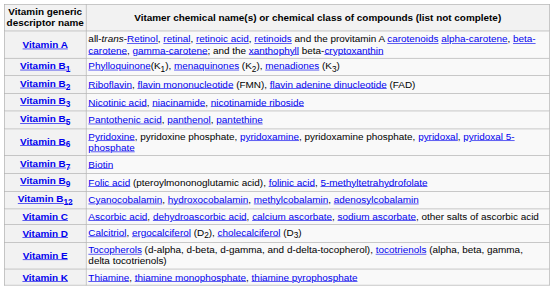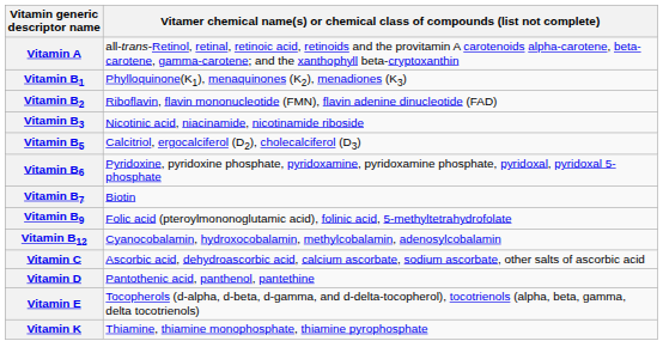 <table class="wikitable sortable" style="margin: 1em auto 1em auto">
 <tr>
 <th style="width:15%;">Vitamin generic<br> descriptor name</th>
 <th style="width:700px;">Vitamer chemical name(s) or chemical class of compounds (list not complete)</th>
 </tr>
 <tr>
 <th><a href='#'>Vitamin A</a></th>
 <td>all-<em>trans</em>-<a href='#'>Retinol</a>, <a href='#'>retinal</a>, <a href='#'>retinoic acid</a>, <a href='#'>retinoids</a> and the provitamin A <a href='#'>carotenoids</a> <a href='#'>alpha-carotene</a>, <a href='#'>beta-carotene</a>, <a href='#'>gamma-carotene</a>; and the <a href='#'>xanthophyll</a> beta-<a href='#'>cryptoxanthin</a></td>
 </tr>
 <tr>
 <th><a href='#'>Vitamin B<sub>1</sub></a></th>
 <td><a href='#'>Phylloquinone</a>(K<sub>1</sub>), <a href='#'>menaquinones</a> (K<sub>2</sub>), <a href='#'>menadiones</a> (K<sub>3</sub>)</td>
 </tr>
 <tr>
 <th><a href='#'>Vitamin B<sub>2</sub></a></th>
 <td><a href='#'>Riboflavin</a>, <a href='#'>flavin mononucleotide</a> (FMN), <a href='#'>flavin adenine dinucleotide</a> (FAD)</td>
 </tr>
 <tr>
 <th><a href='#'>Vitamin B<sub>3</sub></a></th>
 <td><a href='#'>Nicotinic acid</a>, <a href='#'>niacinamide</a>, <a href='#'>nicotinamide riboside</a></td>
 </tr>
 <tr>
 <th><a href='#'>Vitamin B<sub>5</sub></a></th>
-<td><a href='#'>Pantothenic acid</a>, <a href='#'>panthenol</a>, <a href='#'>pantethine</a></td>
+<td><a href='#'>Calcitriol</a>, <a href='#'>ergocalciferol</a> (D<sub>2</sub>), <a href='#'>cholecalciferol</a> (D<sub>3</sub>)</td>
 </tr>
 <tr>
 <th><a href='#'>Vitamin B<sub>6</sub></a></th>
 <td><a href='#'>Pyridoxine</a>, pyridoxine phosphate, <a href='#'>pyridoxamine</a>, pyridoxamine phosphate, <a href='#'>pyridoxal</a>, <a href='#'>pyridoxal 5-phosphate</a></td>
 </tr>
 <tr>
 <th><a href='#'>Vitamin B<sub>7</sub></a></th>
 <td><a href='#'>Biotin</a></td>
 </tr>
 <tr>
 <th><a href='#'>Vitamin B<sub>9</sub></a></th>
 <td><a href='#'>Folic acid</a> (pteroylmononoglutamic acid), <a href='#'>folinic acid</a>, <a href='#'>5-methyltetrahydrofolate</a></td>
 </tr>
 <tr>
 <th><a href='#'>Vitamin B<sub>12</sub></a></th>
 <td><a href='#'>Cyanocobalamin</a>, <a href='#'>hydroxocobalamin</a>, <a href='#'>methylcobalamin</a>, <a href='#'>adenosylcobalamin</a></td>
 </tr>
 <tr>
 <th><a href='#'>Vitamin C</a></th>
 <td><a href='#'>Ascorbic acid</a>, <a href='#'>dehydroascorbic acid</a>, <a href='#'>calcium ascorbate</a>, <a href='#'>sodium ascorbate</a>, other salts of ascorbic acid</td>
 </tr>
 <tr>
 <th style="whitespace:nowrap;"><a href='#'>Vitamin D</a></th>
-<td><a href='#'>Calcitriol</a>, <a href='#'>ergocalciferol</a> (D<sub>2</sub>), <a href='#'>cholecalciferol</a> (D<sub>3</sub>)</td>
+<td><a href='#'>Pantothenic acid</a>, <a href='#'>panthenol</a>, <a href='#'>pantethine</a></td>
 </tr>
 <tr>
 <th><a href='#'>Vitamin E</a></th>
 <td><a href='#'>Tocopherols</a> (d-alpha, d-beta, d-gamma, and d-delta-tocopherol), <a href='#'>tocotrienols</a> (alpha, beta, gamma, delta tocotrienols)</td>
 </tr>
 <tr>
 <th><a href='#'>Vitamin K</a></th>
 <td><a href='#'>Thiamine</a>, <a href='#'>thiamine monophosphate</a>, <a href='#'>thiamine pyrophosphate</a></td>
 </tr>
 </table>
